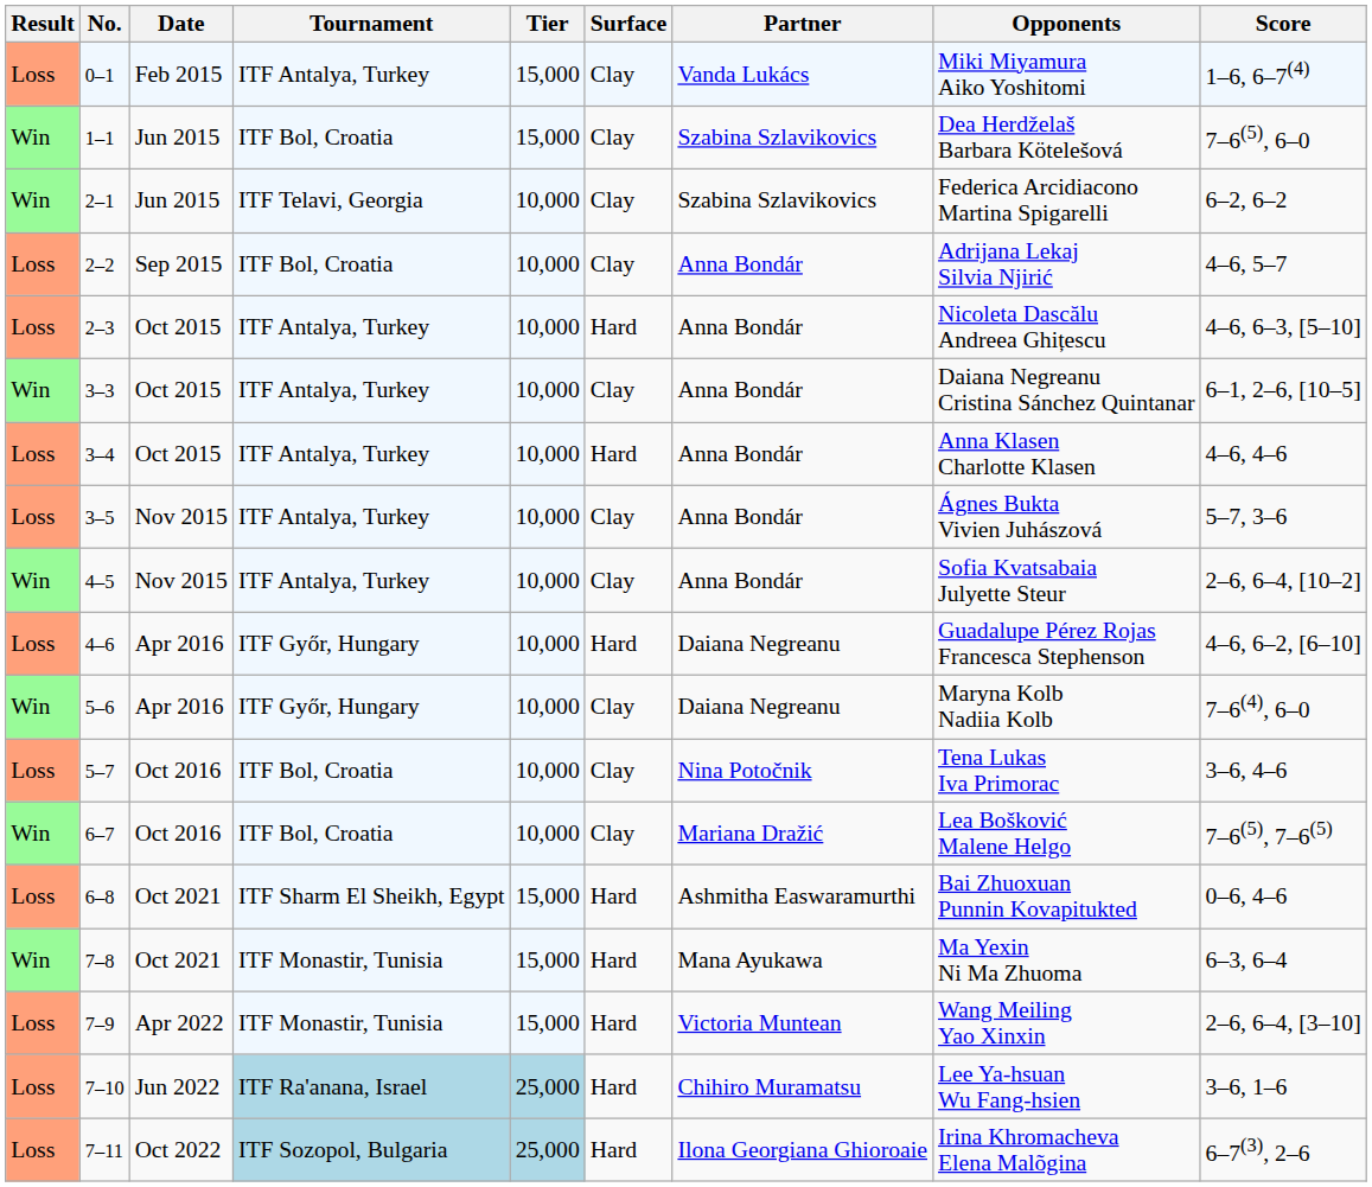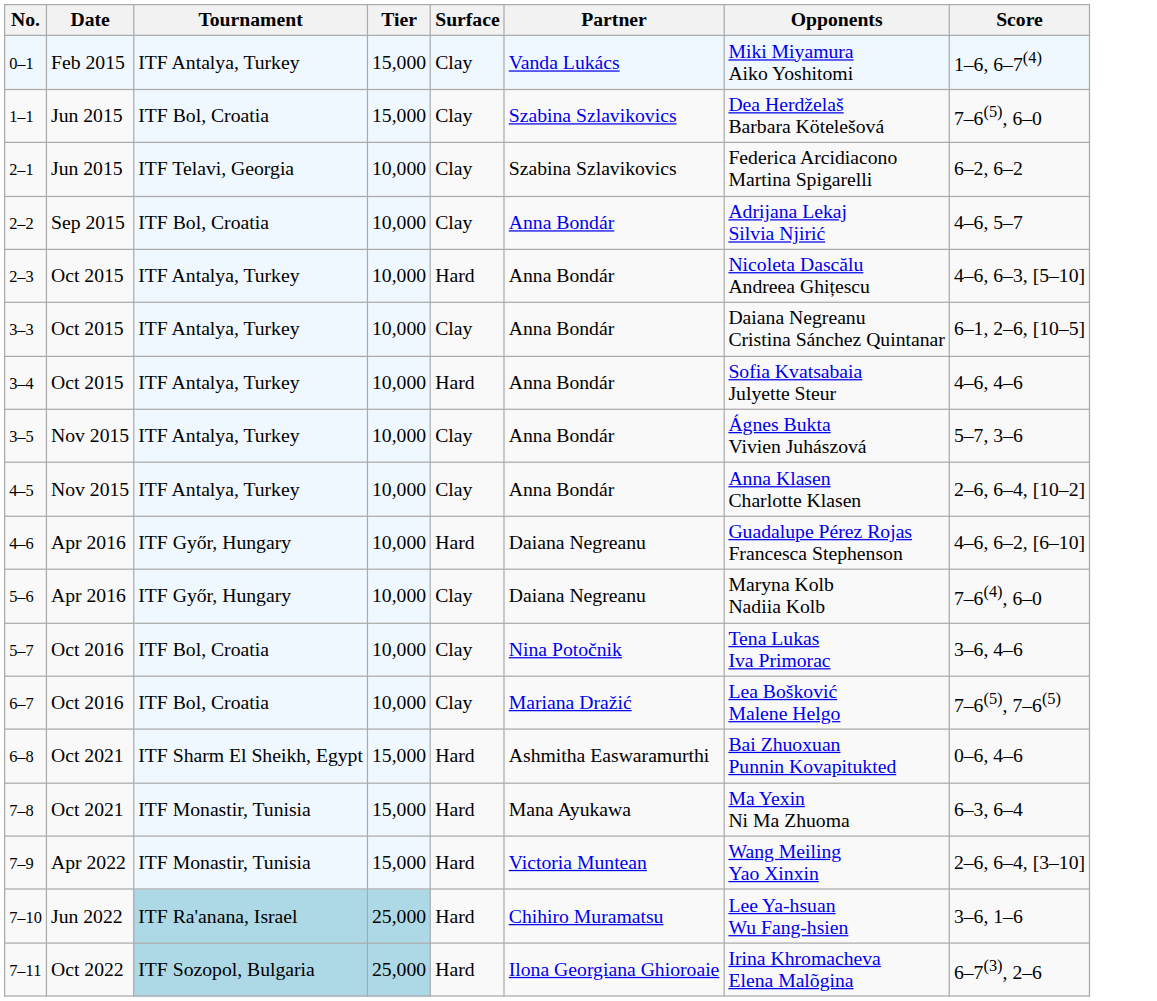 <table class="sortable wikitable">
 <tr>
-<th>Result</th>
 <th>No.</th>
 <th>Date</th>
 <th>Tournament</th>
 <th>Tier</th>
 <th>Surface</th>
 <th>Partner</th>
 <th>Opponents</th>
 <th>Score</th>
 </tr>
 <tr style="background:#f0f8ff;">
-<td style="background:#ffa07a;">Loss</td>
 <td><small>0–1</small></td>
 <td>Feb 2015</td>
 <td style="background:#f0f8ff;">ITF Antalya, Turkey</td>
 <td style="background:#f0f8ff;">15,000</td>
 <td>Clay</td>
 <td> <a href='#'>Vanda Lukács</a></td>
 <td> <a href='#'>Miki Miyamura</a> <br>  Aiko Yoshitomi</td>
 <td>1–6, 6–7<sup>(4)</sup></td>
 </tr>
 <tr>
-<td style="background:#98fb98;">Win</td>
 <td><small>1–1</small></td>
 <td>Jun 2015</td>
 <td style="background:#f0f8ff;">ITF Bol, Croatia</td>
 <td style="background:#f0f8ff;">15,000</td>
 <td>Clay</td>
 <td> <a href='#'>Szabina Szlavikovics</a></td>
 <td> <a href='#'>Dea Herdželaš</a> <br>  Barbara Kötelešová</td>
 <td>7–6<sup>(5)</sup>, 6–0</td>
 </tr>
 <tr>
-<td style="background:#98fb98;">Win</td>
 <td><small>2–1</small></td>
 <td>Jun 2015</td>
 <td style="background:#f0f8ff;">ITF Telavi, Georgia</td>
 <td style="background:#f0f8ff;">10,000</td>
 <td>Clay</td>
 <td> Szabina Szlavikovics</td>
 <td> Federica Arcidiacono <br>  Martina Spigarelli</td>
 <td>6–2, 6–2</td>
 </tr>
 <tr>
-<td style="background:#ffa07a;">Loss</td>
 <td><small>2–2</small></td>
 <td>Sep 2015</td>
 <td style="background:#f0f8ff;">ITF Bol, Croatia</td>
 <td style="background:#f0f8ff;">10,000</td>
 <td>Clay</td>
 <td> <a href='#'>Anna Bondár</a></td>
 <td> <a href='#'>Adrijana Lekaj</a> <br>  <a href='#'>Silvia Njirić</a></td>
 <td>4–6, 5–7</td>
 </tr>
 <tr>
-<td style="background:#ffa07a;">Loss</td>
 <td><small>2–3</small></td>
 <td>Oct 2015</td>
 <td style="background:#f0f8ff;">ITF Antalya, Turkey</td>
 <td style="background:#f0f8ff;">10,000</td>
 <td>Hard</td>
 <td> Anna Bondár</td>
 <td> <a href='#'>Nicoleta Dascălu</a> <br>  Andreea Ghițescu</td>
 <td>4–6, 6–3, [5–10]</td>
 </tr>
 <tr>
-<td style="background:#98fb98;">Win</td>
 <td><small>3–3</small></td>
 <td>Oct 2015</td>
 <td style="background:#f0f8ff;">ITF Antalya, Turkey</td>
 <td style="background:#f0f8ff;">10,000</td>
 <td>Clay</td>
 <td> Anna Bondár</td>
 <td> Daiana Negreanu <br>  Cristina Sánchez Quintanar</td>
 <td>6–1, 2–6, [10–5]</td>
 </tr>
 <tr>
-<td style="background:#ffa07a;">Loss</td>
 <td><small>3–4</small></td>
 <td>Oct 2015</td>
 <td style="background:#f0f8ff;">ITF Antalya, Turkey</td>
 <td style="background:#f0f8ff;">10,000</td>
 <td>Hard</td>
 <td> Anna Bondár</td>
-<td> <a href='#'>Anna Klasen</a> <br>  Charlotte Klasen</td>
+<td> <a href='#'>Sofia Kvatsabaia</a> <br>  Julyette Steur</td>
 <td>4–6, 4–6</td>
 </tr>
 <tr>
-<td style="background:#ffa07a;">Loss</td>
 <td><small>3–5</small></td>
 <td>Nov 2015</td>
 <td style="background:#f0f8ff;">ITF Antalya, Turkey</td>
 <td style="background:#f0f8ff;">10,000</td>
 <td>Clay</td>
 <td> Anna Bondár</td>
 <td> <a href='#'>Ágnes Bukta</a> <br>  Vivien Juhászová</td>
 <td>5–7, 3–6</td>
 </tr>
 <tr>
-<td style="background:#98fb98;">Win</td>
 <td><small>4–5</small></td>
 <td>Nov 2015</td>
 <td style="background:#f0f8ff;">ITF Antalya, Turkey</td>
 <td style="background:#f0f8ff;">10,000</td>
 <td>Clay</td>
 <td> Anna Bondár</td>
-<td> <a href='#'>Sofia Kvatsabaia</a> <br>  Julyette Steur</td>
+<td> <a href='#'>Anna Klasen</a> <br>  Charlotte Klasen</td>
 <td>2–6, 6–4, [10–2]</td>
 </tr>
 <tr>
-<td style="background:#ffa07a;">Loss</td>
 <td><small>4–6</small></td>
 <td>Apr 2016</td>
 <td style="background:#f0f8ff;">ITF Győr, Hungary</td>
 <td style="background:#f0f8ff;">10,000</td>
 <td>Hard</td>
 <td> Daiana Negreanu</td>
 <td> <a href='#'>Guadalupe Pérez Rojas</a> <br>  Francesca Stephenson</td>
 <td>4–6, 6–2, [6–10]</td>
 </tr>
 <tr>
-<td style="background:#98fb98;">Win</td>
 <td><small>5–6</small></td>
 <td>Apr 2016</td>
 <td style="background:#f0f8ff;">ITF Győr, Hungary</td>
 <td style="background:#f0f8ff;">10,000</td>
 <td>Clay</td>
 <td> Daiana Negreanu</td>
 <td> Maryna Kolb <br>  Nadiia Kolb</td>
 <td>7–6<sup>(4)</sup>, 6–0</td>
 </tr>
 <tr>
-<td style="background:#ffa07a;">Loss</td>
 <td><small>5–7</small></td>
 <td>Oct 2016</td>
 <td style="background:#f0f8ff;">ITF Bol, Croatia</td>
 <td style="background:#f0f8ff;">10,000</td>
 <td>Clay</td>
 <td> <a href='#'>Nina Potočnik</a></td>
 <td> <a href='#'>Tena Lukas</a> <br>  <a href='#'>Iva Primorac</a></td>
 <td>3–6, 4–6</td>
 </tr>
 <tr>
-<td style="background:#98fb98;">Win</td>
 <td><small>6–7</small></td>
 <td>Oct 2016</td>
 <td style="background:#f0f8ff;">ITF Bol, Croatia</td>
 <td style="background:#f0f8ff;">10,000</td>
 <td>Clay</td>
 <td> <a href='#'>Mariana Dražić</a></td>
 <td> <a href='#'>Lea Bošković</a> <br>  <a href='#'>Malene Helgo</a></td>
 <td>7–6<sup>(5)</sup>, 7–6<sup>(5)</sup></td>
 </tr>
 <tr>
-<td style="background:#ffa07a;">Loss</td>
 <td><small>6–8</small></td>
 <td>Oct 2021</td>
 <td style="background:#f0f8ff;">ITF Sharm El Sheikh, Egypt</td>
 <td style="background:#f0f8ff;">15,000</td>
 <td>Hard</td>
 <td> Ashmitha Easwaramurthi</td>
 <td> <a href='#'>Bai Zhuoxuan</a> <br>  <a href='#'>Punnin Kovapitukted</a></td>
 <td>0–6, 4–6</td>
 </tr>
 <tr>
-<td style="background:#98fb98;">Win</td>
 <td><small>7–8</small></td>
 <td>Oct 2021</td>
 <td style="background:#f0f8ff;">ITF Monastir, Tunisia</td>
 <td style="background:#f0f8ff;">15,000</td>
 <td>Hard</td>
 <td> Mana Ayukawa</td>
 <td> <a href='#'>Ma Yexin</a> <br>  Ni Ma Zhuoma</td>
 <td>6–3, 6–4</td>
 </tr>
 <tr>
-<td bgcolor="FFA07A">Loss</td>
 <td><small>7–9</small></td>
 <td>Apr 2022</td>
 <td style="background:#f0f8ff;">ITF Monastir, Tunisia</td>
 <td style="background:#f0f8ff;">15,000</td>
 <td>Hard</td>
 <td> <a href='#'>Victoria Muntean</a></td>
 <td> <a href='#'>Wang Meiling</a> <br>  <a href='#'>Yao Xinxin</a></td>
 <td>2–6, 6–4, [3–10]</td>
 </tr>
 <tr>
-<td style="background:#ffa07a;">Loss</td>
 <td><small>7–10</small></td>
 <td>Jun 2022</td>
 <td style="background:lightblue;">ITF Ra'anana, Israel</td>
 <td style="background:lightblue;">25,000</td>
 <td>Hard</td>
 <td> <a href='#'>Chihiro Muramatsu</a></td>
 <td> <a href='#'>Lee Ya-hsuan</a> <br>  <a href='#'>Wu Fang-hsien</a></td>
 <td>3–6, 1–6</td>
 </tr>
 <tr>
-<td style="background:#ffa07a">Loss</td>
 <td><small>7–11</small></td>
 <td>Oct 2022</td>
 <td style="background:lightblue">ITF Sozopol, Bulgaria</td>
 <td style="background:lightblue">25,000</td>
 <td>Hard</td>
 <td> <a href='#'>Ilona Georgiana Ghioroaie</a></td>
 <td> <a href='#'>Irina Khromacheva</a><br> <a href='#'>Elena Malõgina</a></td>
 <td>6–7<sup>(3)</sup>, 2–6</td>
 </tr>
 </table>
